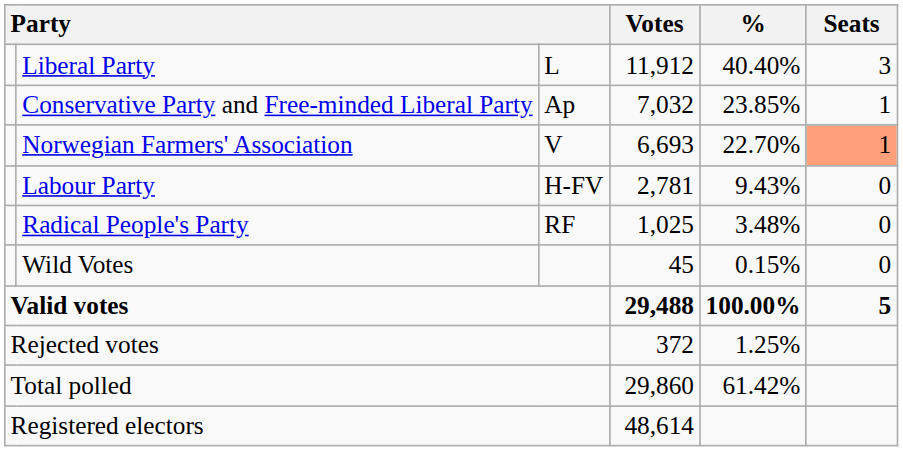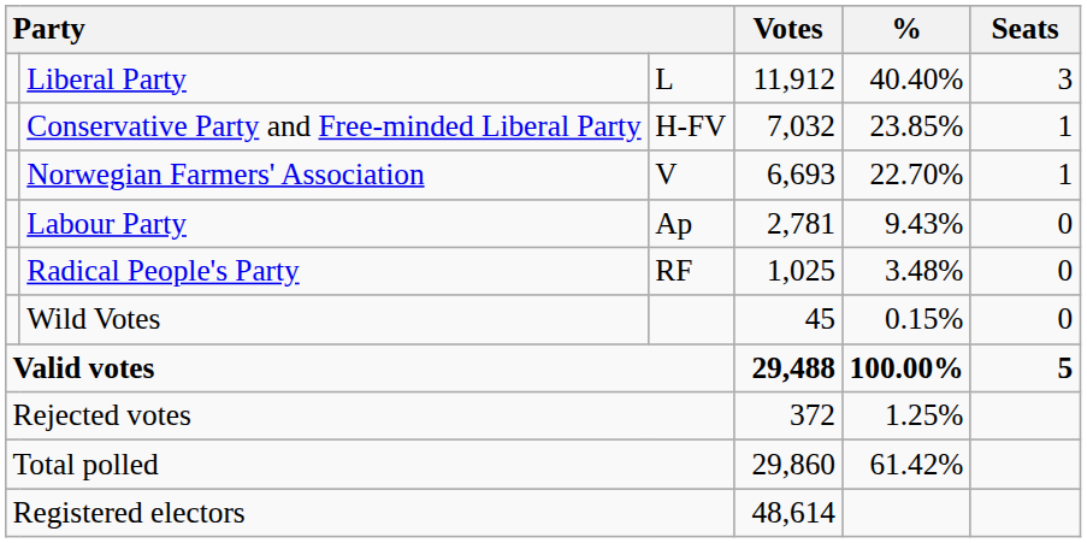 <table class="wikitable" border="1" style="text-align:right;">
 <tr>
 <th style="text-align:left;" colspan=3>Party</th>
 <th align=center width="50">Votes</th>
 <th align=center width="50">%</th>
 <th align=center width="50">Seats</th>
 </tr>
 <tr>
 <td style="color:inherit;background:"></td>
 <td align=left><a href='#'>Liberal Party</a></td>
 <td align=left>L</td>
 <td>11,912</td>
 <td>40.40%</td>
 <td>3</td>
 </tr>
 <tr>
 <td></td>
 <td align=left><a href='#'>Conservative Party</a> and <a href='#'>Free-minded Liberal Party</a></td>
-<td align=left>Ap</td>
+<td align=left>H-FV</td>
 <td>7,032</td>
 <td>23.85%</td>
 <td>1</td>
 </tr>
 <tr>
 <td style="color:inherit;background:"></td>
 <td align=left><a href='#'>Norwegian Farmers' Association</a></td>
 <td align=left>V</td>
 <td>6,693</td>
 <td>22.70%</td>
-<td style="background: lightsalmon;">1</td>
+<td>1</td>
 </tr>
 <tr>
 <td style="color:inherit;background:"></td>
 <td align=left><a href='#'>Labour Party</a></td>
-<td align=left>H-FV</td>
+<td align=left>Ap</td>
 <td>2,781</td>
 <td>9.43%</td>
 <td>0</td>
 </tr>
 <tr>
 <td></td>
 <td align=left><a href='#'>Radical People's Party</a></td>
 <td align=left>RF</td>
 <td>1,025</td>
 <td>3.48%</td>
 <td>0</td>
 </tr>
 <tr>
 <td></td>
 <td align=left>Wild Votes</td>
 <td align=left></td>
 <td>45</td>
 <td>0.15%</td>
 <td>0</td>
 </tr>
 <tr style="font-weight:bold">
 <td align=left colspan=3>Valid votes</td>
 <td>29,488</td>
 <td>100.00%</td>
 <td>5</td>
 </tr>
 <tr>
 <td align=left colspan=3>Rejected votes</td>
 <td>372</td>
 <td>1.25%</td>
 <td></td>
 </tr>
 <tr>
 <td align=left colspan=3>Total polled</td>
 <td>29,860</td>
 <td>61.42%</td>
 <td></td>
 </tr>
 <tr>
 <td align=left colspan=3>Registered electors</td>
 <td>48,614</td>
 <td></td>
 <td></td>
 </tr>
 </table>
